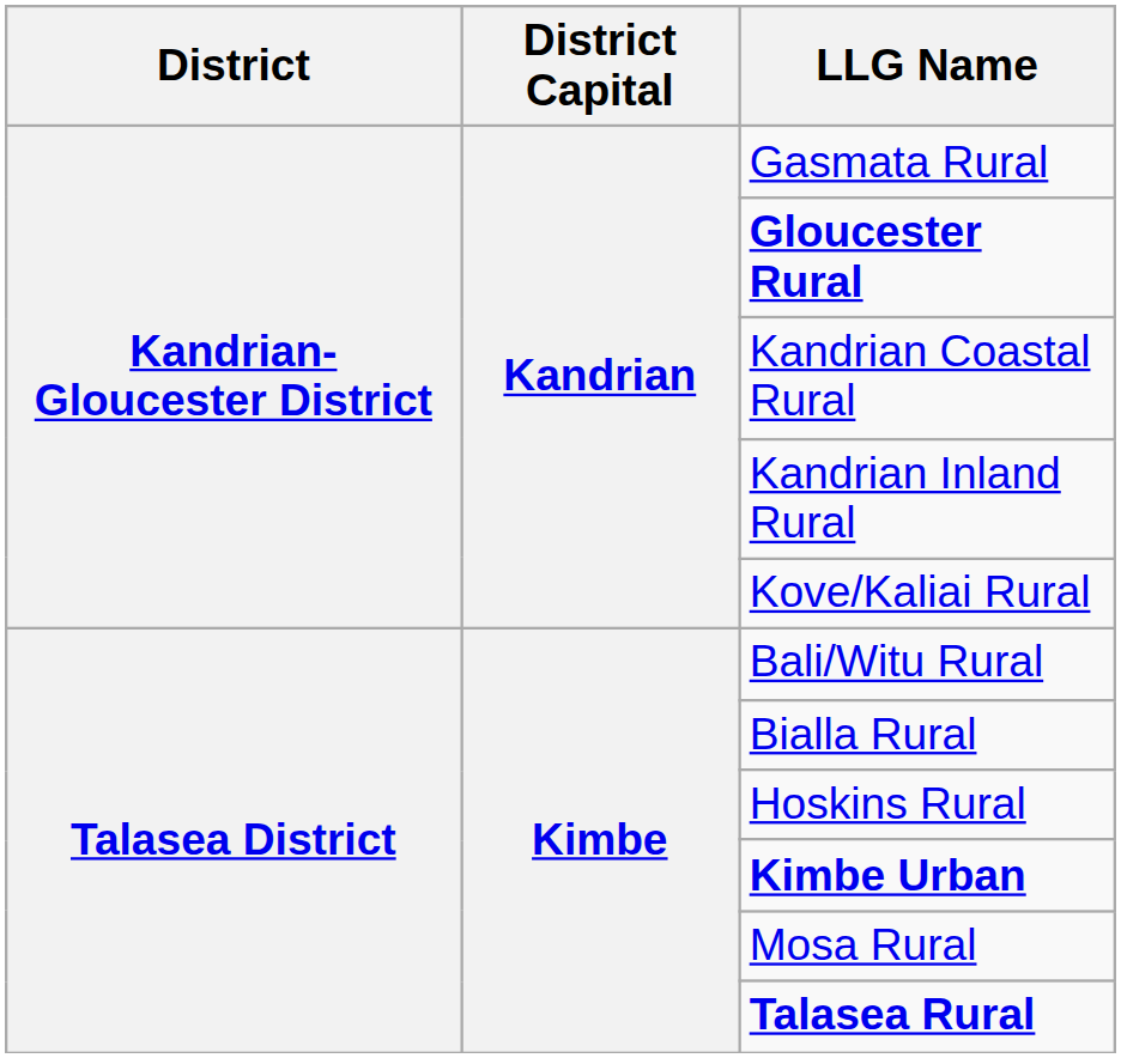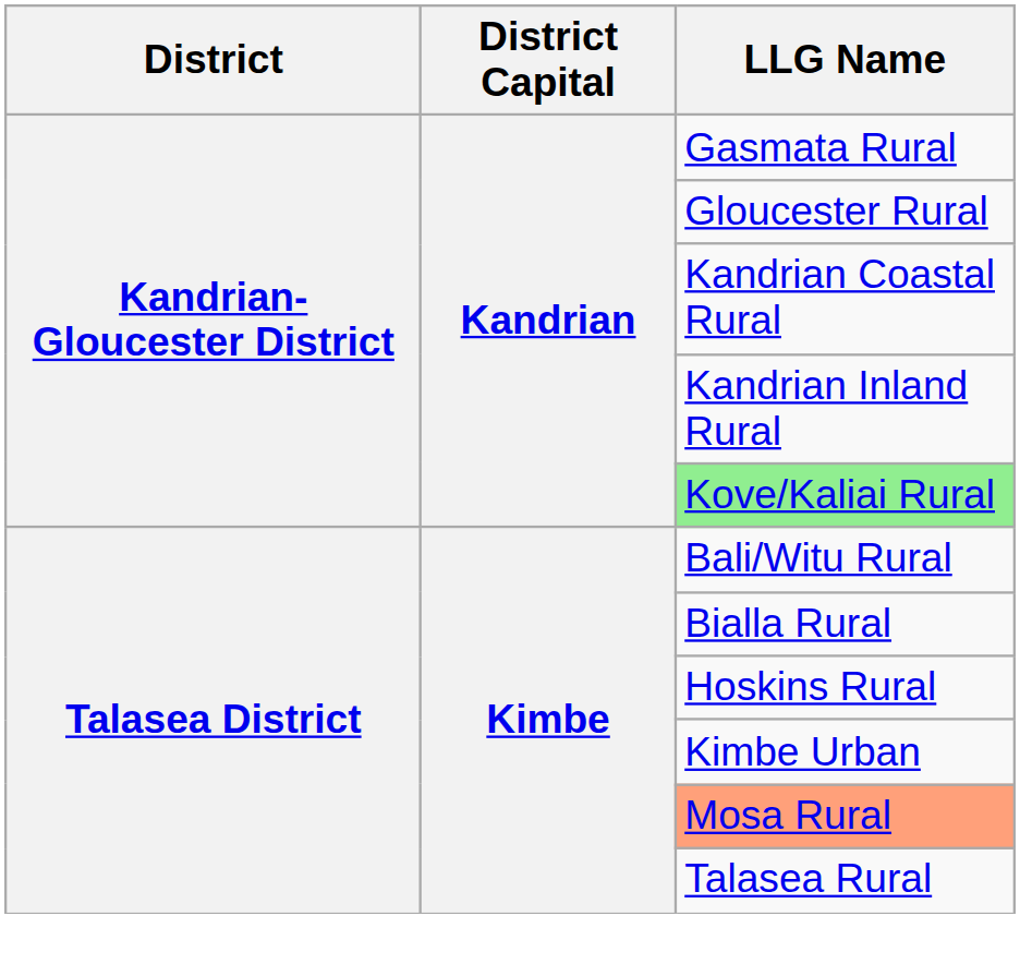 <table class="wikitable" style="text-align: left;" width="400">
 <tr>
 <th>District</th>
 <th>District Capital</th>
 <th>LLG Name</th>
 </tr>
 <tr>
 <th rowspan="5"><a href='#'>Kandrian-Gloucester District</a></th>
 <th rowspan="5"><a href='#'>Kandrian</a></th>
 <td><a href='#'>Gasmata Rural</a></td>
 </tr>
 <tr>
-<td><strong><a href='#'>Gloucester Rural</a></strong></td>
+<td><a href='#'>Gloucester Rural</a></td>
 </tr>
 <tr>
 <td><a href='#'>Kandrian Coastal Rural</a></td>
 </tr>
 <tr>
 <td><a href='#'>Kandrian Inland Rural</a></td>
 </tr>
 <tr>
-<td><a href='#'>Kove/Kaliai Rural</a></td>
+<td style="background: lightgreen;"><a href='#'>Kove/Kaliai Rural</a></td>
 </tr>
 <tr>
 <th rowspan="6"><a href='#'>Talasea District</a></th>
 <th rowspan="6"><a href='#'>Kimbe</a></th>
 <td><a href='#'>Bali/Witu Rural</a></td>
 </tr>
 <tr>
 <td><a href='#'>Bialla Rural</a></td>
 </tr>
 <tr>
 <td><a href='#'>Hoskins Rural</a></td>
 </tr>
 <tr>
-<td><strong><a href='#'>Kimbe Urban</a></strong></td>
+<td><a href='#'>Kimbe Urban</a></td>
 </tr>
 <tr>
-<td><a href='#'>Mosa Rural</a></td>
+<td style="background: lightsalmon;"><a href='#'>Mosa Rural</a></td>
 </tr>
 <tr>
-<td><strong><a href='#'>Talasea Rural</a></strong></td>
+<td><a href='#'>Talasea Rural</a></td>
 </tr>
 </table>
